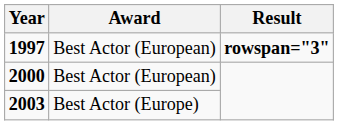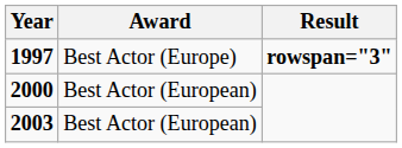 <table class="wikitable">
 <tr>
 <th>Year</th>
 <th>Award</th>
 <th>Result</th>
 </tr>
 <tr>
 <td><strong>1997</strong></td>
-<td>Best Actor (European)</td>
+<td>Best Actor (Europe)</td>
 <td><strong>rowspan="3" </strong></td>
 </tr>
 <tr>
 <td><strong>2000</strong></td>
 <td>Best Actor (European)</td>
 </tr>
 <tr>
 <td><strong>2003</strong></td>
-<td>Best Actor (Europe)</td>
+<td>Best Actor (European)</td>
 </tr>
 </table>
